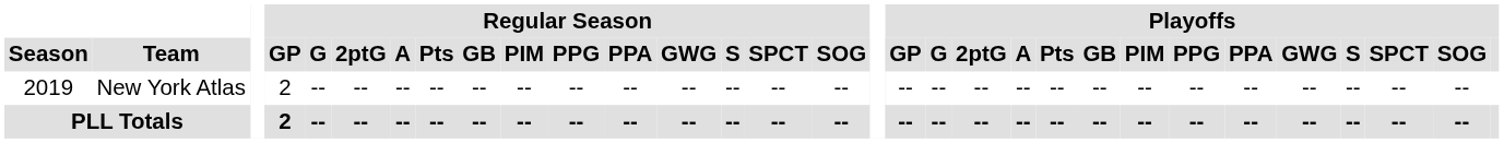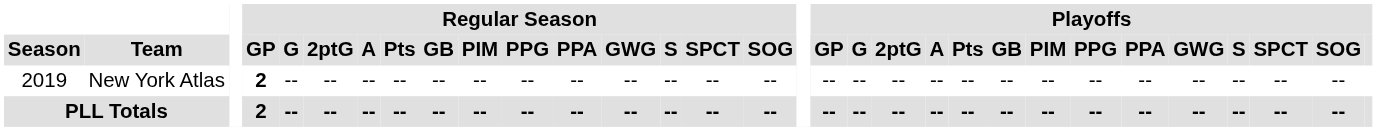 <table BORDER="0" CELLPADDING="3" CELLSPACING="0">
 <tr ALIGN="center" bgcolor="#e0e0e0">
 <th colspan="2" bgcolor="#ffffff"> </th>
 <th rowspan="99" bgcolor="#ffffff"> </th>
 <th colspan="13">Regular Season</th>
 <th rowspan="99" bgcolor="#ffffff"> </th>
 <th colspan="14">Playoffs</th>
 </tr>
 <tr ALIGN="center" bgcolor="#e0e0e0">
 <th>Season</th>
 <th>Team</th>
 <th>GP</th>
 <th>G</th>
 <th>2ptG</th>
 <th>A</th>
 <th>Pts</th>
 <th>GB</th>
 <th>PIM</th>
 <th>PPG</th>
 <th>PPA</th>
 <th>GWG</th>
 <th>S</th>
 <th>SPCT</th>
 <th>SOG</th>
 <th>GP</th>
 <th>G</th>
 <th>2ptG</th>
 <th>A</th>
 <th>Pts</th>
 <th>GB</th>
 <th>PIM</th>
 <th>PPG</th>
 <th>PPA</th>
 <th>GWG</th>
 <th>S</th>
 <th>SPCT</th>
 <th>SOG</th>
 <th></th>
 </tr>
 <tr ALIGN="center">
 <td>2019</td>
 <td>New York Atlas</td>
-<td>2</td>
+<td><strong>2</strong></td>
 <td>--</td>
 <td>--</td>
 <td>--</td>
 <td>--</td>
 <td>--</td>
 <td>--</td>
 <td>--</td>
 <td>--</td>
 <td>--</td>
 <td>--</td>
 <td>--</td>
 <td>--</td>
 <td>--</td>
 <td>--</td>
 <td>--</td>
 <td>--</td>
 <td>--</td>
 <td>--</td>
 <td>--</td>
 <td>--</td>
 <td>--</td>
 <td>--</td>
 <td>--</td>
 <td>--</td>
 <td>--</td>
 <td></td>
 </tr>
 <tr ALIGN="center" bgcolor="#f0f0f0">
 </tr>
 <tr ALIGN="center"  bgcolor="#e0e0e0">
 <th colspan="2">PLL Totals</th>
 <th>2</th>
 <th>--</th>
 <th>--</th>
 <th>--</th>
 <th>--</th>
 <th>--</th>
 <th>--</th>
 <th>--</th>
 <th>--</th>
 <th>--</th>
 <th>--</th>
 <th>--</th>
 <th>--</th>
 <th>--</th>
 <th>--</th>
 <th>--</th>
 <th>--</th>
 <th>--</th>
 <th>--</th>
 <th>--</th>
 <th>--</th>
 <th>--</th>
 <th>--</th>
 <th>--</th>
 <th>--</th>
 <th>--</th>
 <th></th>
 </tr>
 </table>
